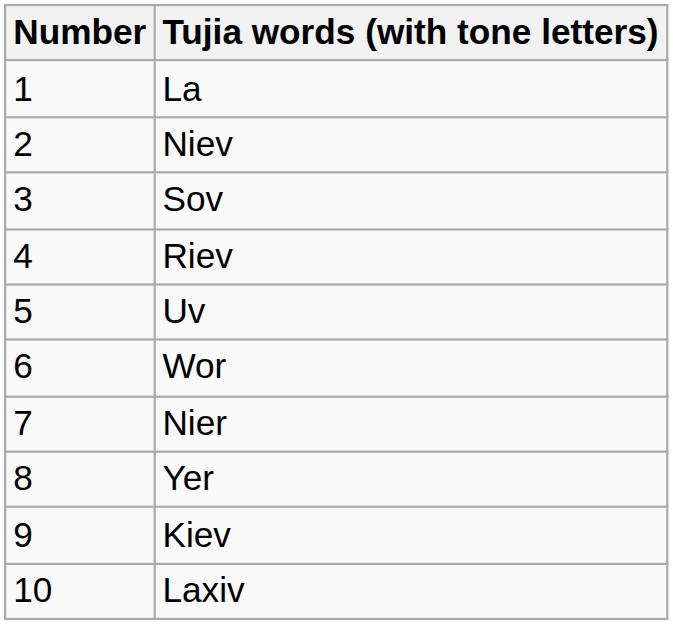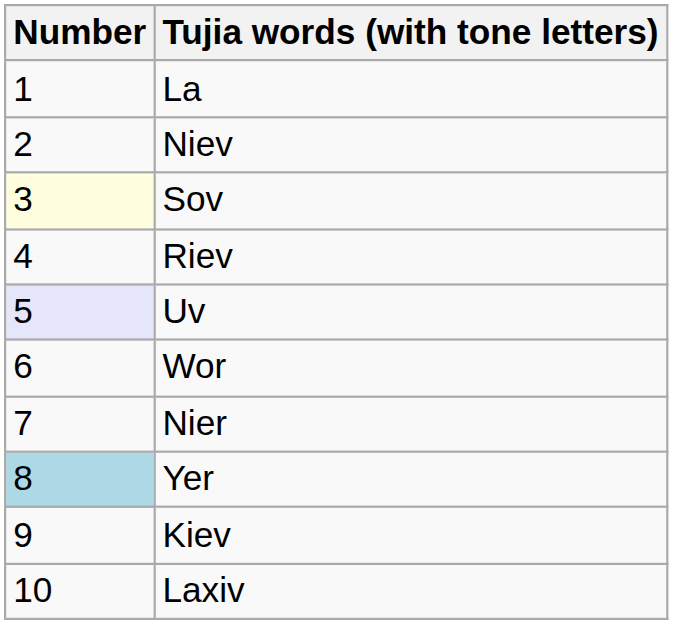 <table class="wikitable">
 <tr>
 <th>Number</th>
 <th>Tujia words (with tone letters)</th>
 </tr>
 <tr>
 <td>1</td>
 <td>La</td>
 </tr>
 <tr>
 <td>2</td>
 <td>Niev</td>
 </tr>
 <tr>
-<td>3</td>
+<td style="background: lightyellow;">3</td>
 <td>Sov</td>
 </tr>
 <tr>
 <td>4</td>
 <td>Riev</td>
 </tr>
 <tr>
-<td>5</td>
+<td style="background: lavender;">5</td>
 <td>Uv</td>
 </tr>
 <tr>
 <td>6</td>
 <td>Wor</td>
 </tr>
 <tr>
 <td>7</td>
 <td>Nier</td>
 </tr>
 <tr>
-<td>8</td>
+<td style="background: lightblue;">8</td>
 <td>Yer</td>
 </tr>
 <tr>
 <td>9</td>
 <td>Kiev</td>
 </tr>
 <tr>
 <td>10</td>
 <td>Laxiv</td>
 </tr>
 </table>
